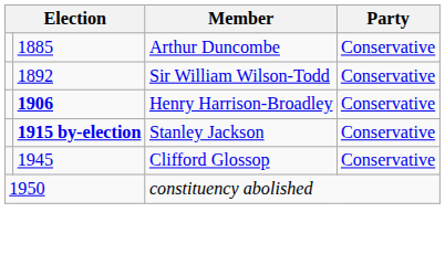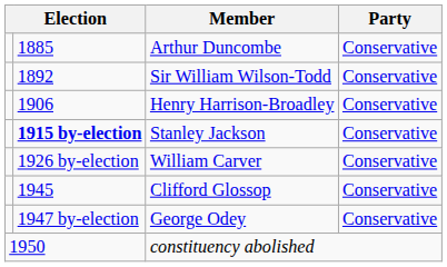 <table class="wikitable">
 <tr>
 <th colspan="2">Election</th>
 <th>Member</th>
 <th>Party</th>
 </tr>
 <tr>
 <td style="color:inherit;background-color: "></td>
 <td><a href='#'>1885</a></td>
 <td><a href='#'>Arthur Duncombe</a></td>
 <td><a href='#'>Conservative</a></td>
 </tr>
 <tr>
 <td style="color:inherit;background-color: "></td>
 <td><a href='#'>1892</a></td>
 <td><a href='#'>Sir William Wilson-Todd</a></td>
 <td><a href='#'>Conservative</a></td>
 </tr>
 <tr>
 <td style="color:inherit;background-color: "></td>
-<td><strong><a href='#'>1906</a></strong></td>
+<td><a href='#'>1906</a></td>
 <td><a href='#'>Henry Harrison-Broadley</a></td>
 <td><a href='#'>Conservative</a></td>
 </tr>
 <tr>
 <td style="color:inherit;background-color: "></td>
 <td><strong><a href='#'>1915 by-election</a></strong></td>
 <td><a href='#'>Stanley Jackson</a></td>
 <td><a href='#'>Conservative</a></td>
 </tr>
 <tr>
 <td style="color:inherit;background-color: "></td>
+<td><a href='#'>1926 by-election</a></td>
+<td><a href='#'>William Carver</a></td>
+<td><a href='#'>Conservative</a></td>
+</tr>
+<tr>
+<td style="color:inherit;background-color: "></td>
 <td><a href='#'>1945</a></td>
 <td><a href='#'>Clifford Glossop</a></td>
+<td><a href='#'>Conservative</a></td>
+</tr>
+<tr>
+<td style="color:inherit;background-color: "></td>
+<td><a href='#'>1947 by-election</a></td>
+<td><a href='#'>George Odey</a></td>
 <td><a href='#'>Conservative</a></td>
 </tr>
 <tr>
 <td colspan="2"><a href='#'>1950</a></td>
 <td colspan="2"><em>constituency abolished</em></td>
 </tr>
 </table>
